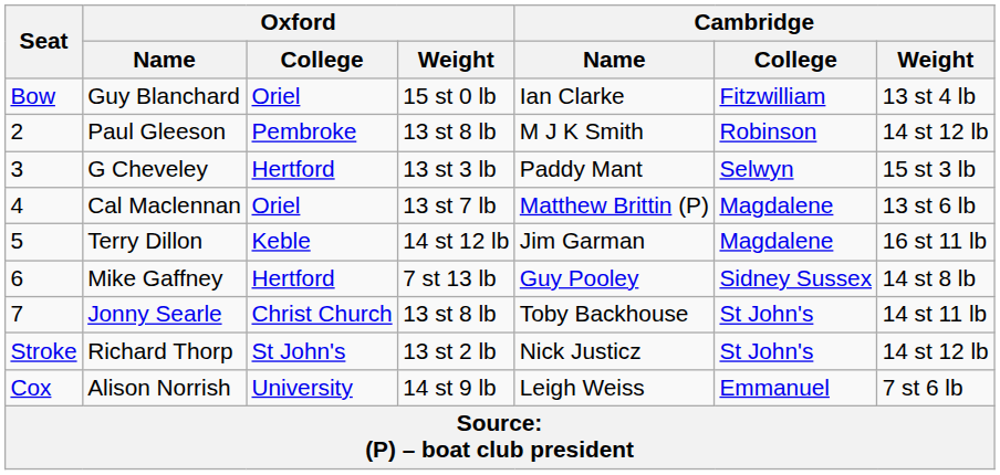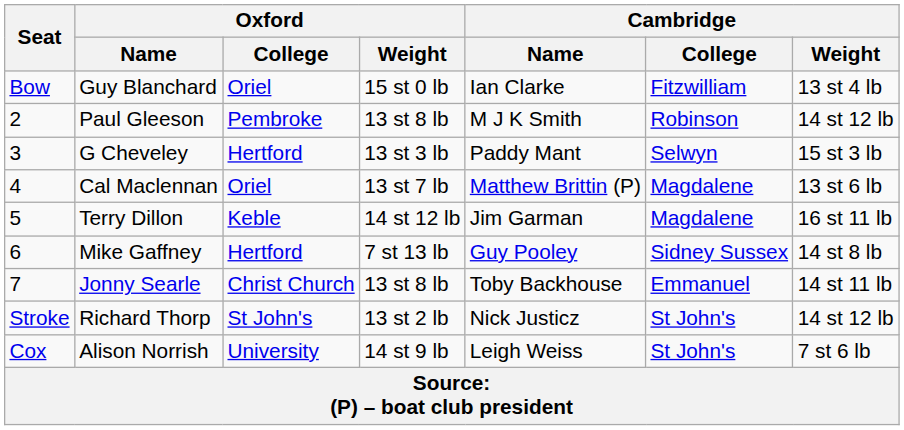 <table class="wikitable">
 <tr>
 <th rowspan="2" scope="col">Seat</th>
 <th colspan="3" scope="col">Oxford <br> </th>
 <th colspan="3" scope="col">Cambridge <br> </th>
 </tr>
 <tr>
 <th>Name</th>
 <th>College</th>
 <th>Weight</th>
 <th>Name</th>
 <th>College</th>
 <th>Weight</th>
 </tr>
 <tr>
 <td><a href='#'>Bow</a></td>
 <td>Guy Blanchard</td>
 <td><a href='#'>Oriel</a></td>
 <td>15 st 0 lb</td>
 <td>Ian Clarke</td>
 <td><a href='#'>Fitzwilliam</a></td>
 <td>13 st 4 lb</td>
 </tr>
 <tr>
 <td>2</td>
 <td>Paul Gleeson</td>
 <td><a href='#'>Pembroke</a></td>
 <td>13 st 8 lb</td>
 <td>M J K Smith</td>
 <td><a href='#'>Robinson</a></td>
 <td>14 st 12 lb</td>
 </tr>
 <tr>
 <td>3</td>
 <td>G Cheveley</td>
 <td><a href='#'>Hertford</a></td>
 <td>13 st 3 lb</td>
 <td>Paddy Mant</td>
 <td><a href='#'>Selwyn</a></td>
 <td>15 st 3 lb</td>
 </tr>
 <tr>
 <td>4</td>
 <td>Cal Maclennan</td>
 <td><a href='#'>Oriel</a></td>
 <td>13 st 7 lb</td>
 <td><a href='#'>Matthew Brittin</a> (P)</td>
 <td><a href='#'>Magdalene</a></td>
 <td>13 st 6 lb</td>
 </tr>
 <tr>
 <td>5</td>
 <td>Terry Dillon</td>
 <td><a href='#'>Keble</a></td>
 <td>14 st 12 lb</td>
 <td>Jim Garman</td>
 <td><a href='#'>Magdalene</a></td>
 <td>16 st 11 lb</td>
 </tr>
 <tr>
 <td>6</td>
 <td>Mike Gaffney</td>
 <td><a href='#'>Hertford</a></td>
 <td>7 st 13 lb</td>
 <td><a href='#'>Guy Pooley</a></td>
 <td><a href='#'>Sidney Sussex</a></td>
 <td>14 st 8 lb</td>
 </tr>
 <tr>
 <td>7</td>
 <td><a href='#'>Jonny Searle</a></td>
 <td><a href='#'>Christ Church</a></td>
 <td>13 st 8 lb</td>
 <td>Toby Backhouse</td>
-<td><a href='#'>St John's</a></td>
+<td><a href='#'>Emmanuel</a></td>
 <td>14 st 11 lb</td>
 </tr>
 <tr>
 <td><a href='#'>Stroke</a></td>
 <td>Richard Thorp</td>
 <td><a href='#'>St John's</a></td>
 <td>13 st 2 lb</td>
 <td>Nick Justicz</td>
 <td><a href='#'>St John's</a></td>
 <td>14 st 12 lb</td>
 </tr>
 <tr>
 <td><a href='#'>Cox</a></td>
 <td>Alison Norrish</td>
 <td><a href='#'>University</a></td>
 <td>14 st 9 lb</td>
 <td>Leigh Weiss</td>
-<td><a href='#'>Emmanuel</a></td>
+<td><a href='#'>St John's</a></td>
 <td>7 st 6 lb</td>
 </tr>
 <tr>
 <th colspan="7">Source:<br>(P) – boat club president</th>
 </tr>
 </table>
